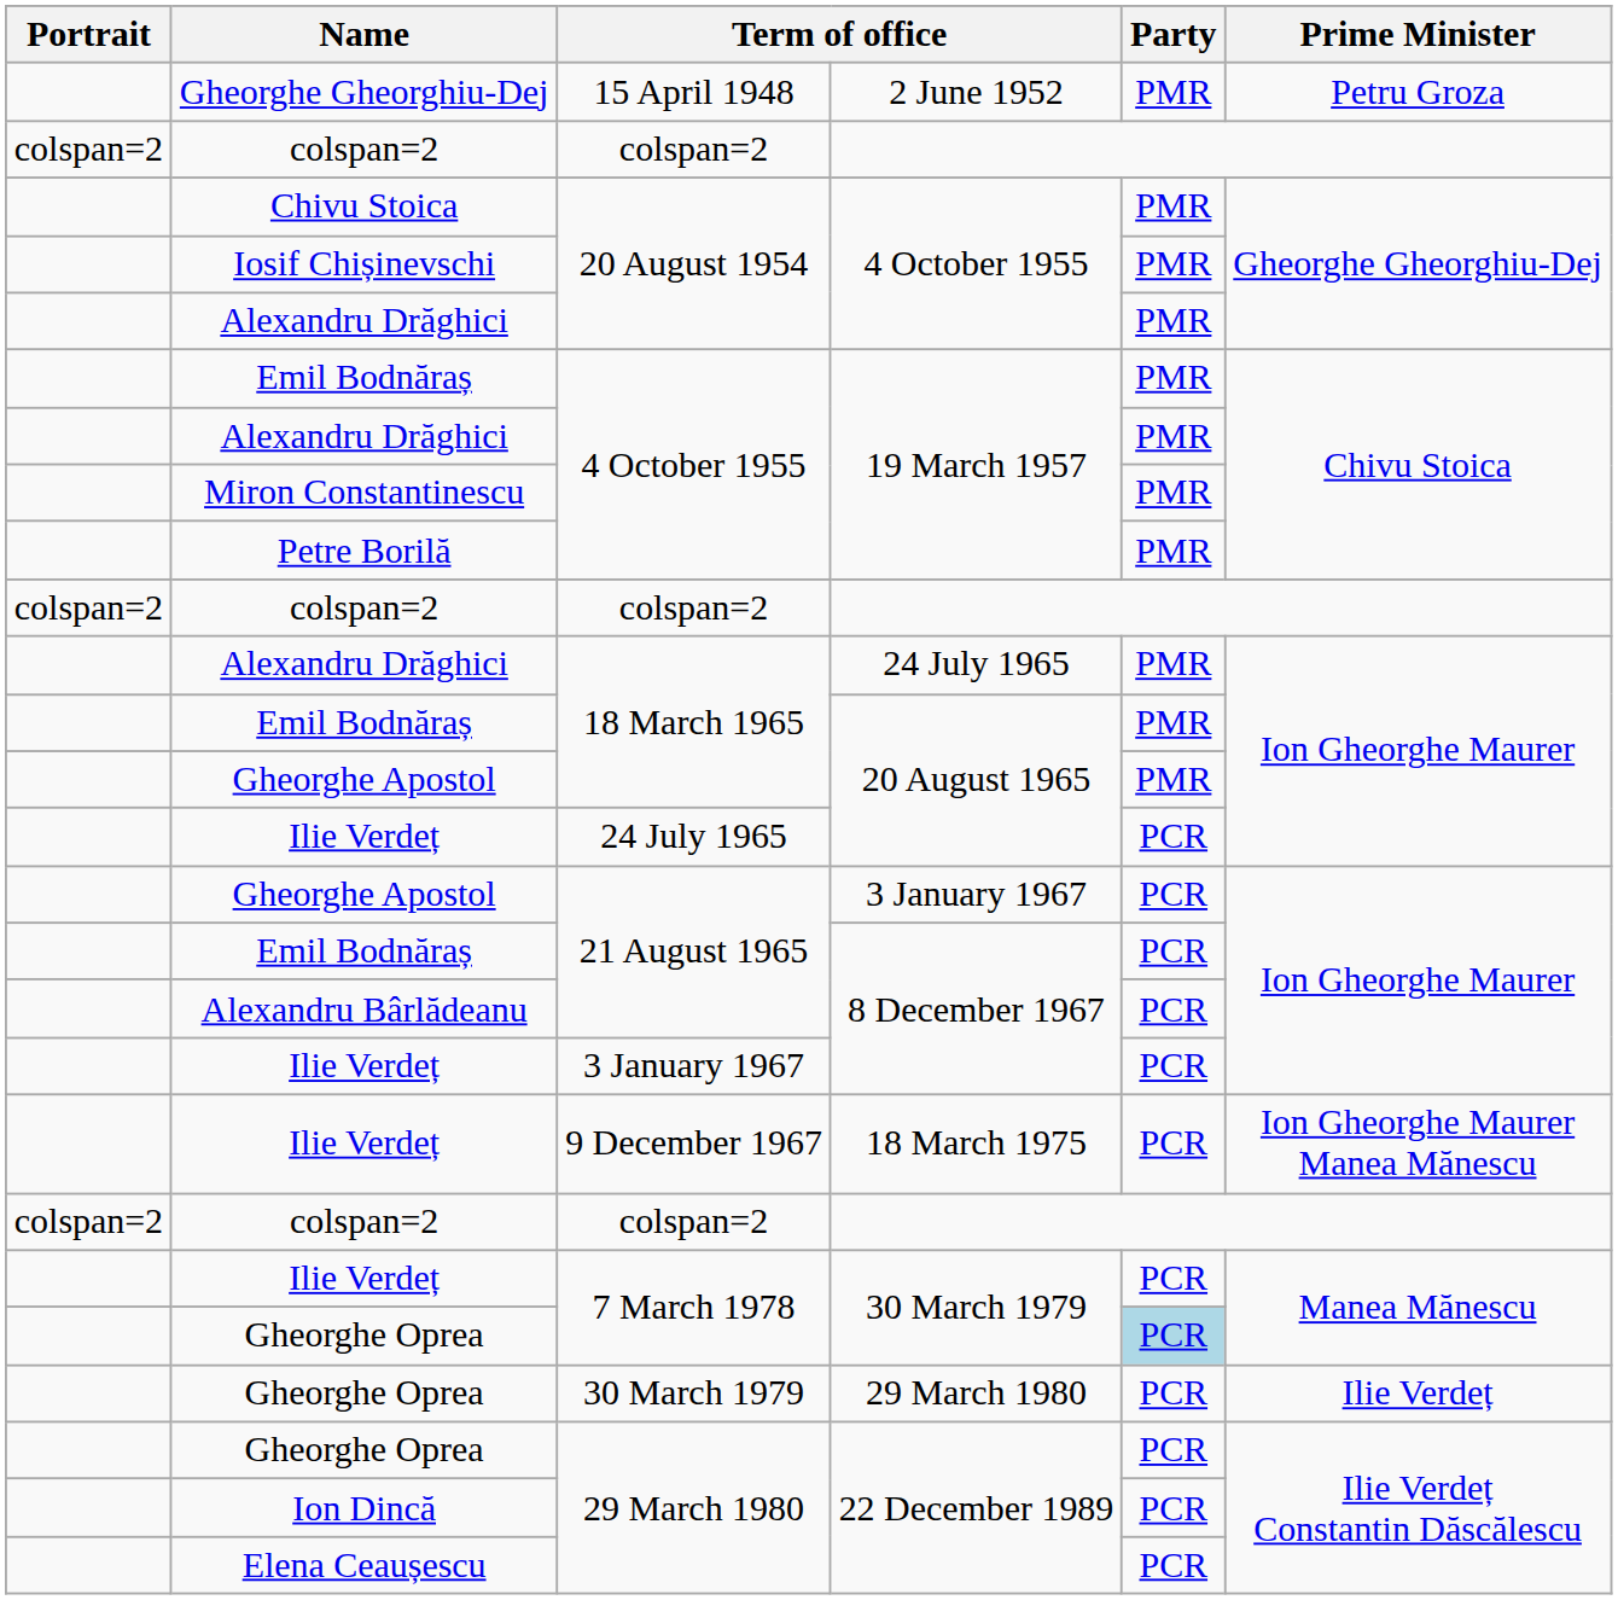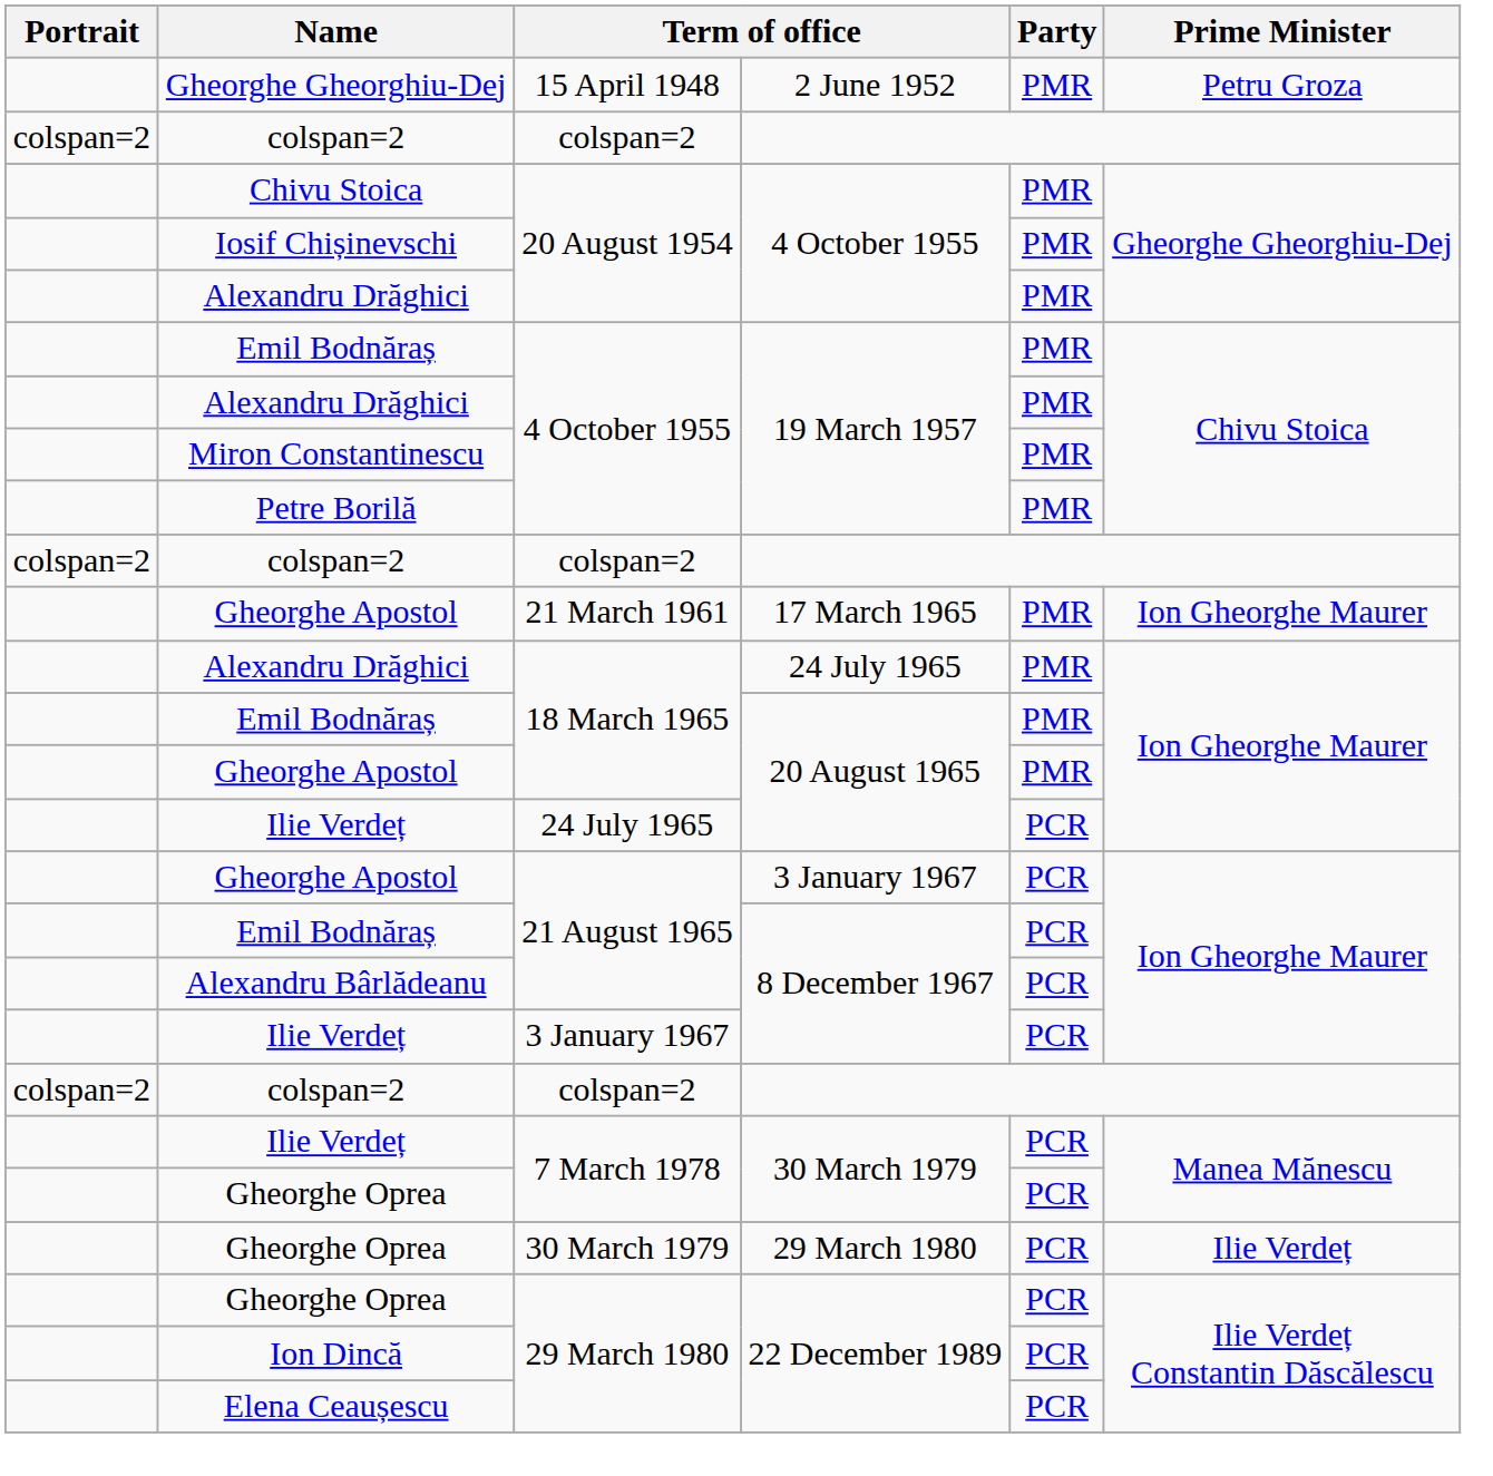 <table class="wikitable" style="text-align:center">
 <tr>
 <th colspan=1>Portrait</th>
 <th>Name</th>
 <th colspan=2>Term of office</th>
 <th>Party</th>
 <th colspan=1>Prime Minister</th>
 </tr>
 <tr>
 <td></td>
 <td><a href='#'>Gheorghe Gheorghiu-Dej</a></td>
 <td>15 April 1948</td>
 <td>2 June 1952</td>
 <td><a href='#'>PMR</a></td>
 <td><a href='#'>Petru Groza</a></td>
 </tr>
 <tr>
 <td>colspan=2 </td>
 <td>colspan=2 </td>
 <td>colspan=2 </td>
 </tr>
 <tr>
 <td></td>
 <td><a href='#'>Chivu Stoica</a></td>
 <td rowspan="3">20 August 1954</td>
 <td rowspan="3">4 October 1955</td>
 <td><a href='#'>PMR</a></td>
 <td rowspan="3"><a href='#'>Gheorghe Gheorghiu-Dej</a></td>
 </tr>
 <tr>
 <td></td>
 <td><a href='#'>Iosif Chișinevschi</a></td>
 <td><a href='#'>PMR</a></td>
 </tr>
 <tr>
 <td></td>
 <td><a href='#'>Alexandru Drăghici</a></td>
 <td><a href='#'>PMR</a></td>
 </tr>
 <tr>
 <td></td>
 <td><a href='#'>Emil Bodnăraș</a></td>
 <td rowspan="4">4 October 1955</td>
 <td rowspan="4">19 March 1957</td>
 <td><a href='#'>PMR</a></td>
 <td rowspan="4"><a href='#'>Chivu Stoica</a></td>
 </tr>
 <tr>
 <td></td>
 <td><a href='#'>Alexandru Drăghici</a></td>
 <td><a href='#'>PMR</a></td>
 </tr>
 <tr>
 <td></td>
 <td><a href='#'>Miron Constantinescu</a></td>
 <td><a href='#'>PMR</a></td>
 </tr>
 <tr>
 <td></td>
 <td><a href='#'>Petre Borilă</a></td>
 <td><a href='#'>PMR</a></td>
 </tr>
 <tr>
 <td>colspan=2 </td>
 <td>colspan=2 </td>
 <td>colspan=2 </td>
 </tr>
 <tr>
 <td></td>
+<td><a href='#'>Gheorghe Apostol</a></td>
+<td>21 March 1961</td>
+<td>17 March 1965</td>
+<td><a href='#'>PMR</a></td>
+<td><a href='#'>Ion Gheorghe Maurer</a></td>
+</tr>
+<tr>
+<td></td>
 <td><a href='#'>Alexandru Drăghici</a></td>
 <td rowspan="3">18 March 1965</td>
 <td>24 July 1965</td>
 <td><a href='#'>PMR</a></td>
 <td rowspan="4"><a href='#'>Ion Gheorghe Maurer</a></td>
 </tr>
 <tr>
 <td></td>
 <td><a href='#'>Emil Bodnăraș</a></td>
 <td rowspan="3">20 August 1965</td>
 <td><a href='#'>PMR</a></td>
 </tr>
 <tr>
 <td></td>
 <td><a href='#'>Gheorghe Apostol</a></td>
 <td><a href='#'>PMR</a></td>
 </tr>
 <tr>
 <td></td>
 <td><a href='#'>Ilie Verdeț</a></td>
 <td>24 July 1965</td>
 <td><a href='#'>PCR</a></td>
 </tr>
 <tr>
 <td></td>
 <td><a href='#'>Gheorghe Apostol</a></td>
 <td rowspan="3">21 August 1965</td>
 <td>3 January 1967</td>
 <td><a href='#'>PCR</a></td>
 <td rowspan="4"><a href='#'>Ion Gheorghe Maurer</a></td>
 </tr>
 <tr>
 <td></td>
 <td><a href='#'>Emil Bodnăraș</a></td>
 <td rowspan="3">8 December 1967</td>
 <td><a href='#'>PCR</a></td>
 </tr>
 <tr>
 <td></td>
 <td><a href='#'>Alexandru Bârlădeanu</a></td>
 <td><a href='#'>PCR</a></td>
 </tr>
 <tr>
 <td></td>
 <td><a href='#'>Ilie Verdeț</a></td>
 <td>3 January 1967</td>
 <td><a href='#'>PCR</a></td>
 </tr>
 <tr>
-<td></td>
-<td><a href='#'>Ilie Verdeț</a></td>
-<td>9 December 1967</td>
-<td>18 March 1975</td>
-<td><a href='#'>PCR</a></td>
-<td><a href='#'>Ion Gheorghe Maurer</a><br><a href='#'>Manea Mănescu</a></td>
-</tr>
-<tr>
 <td>colspan=2 </td>
 <td>colspan=2 </td>
 <td>colspan=2 </td>
 </tr>
 <tr>
 <td></td>
 <td><a href='#'>Ilie Verdeț</a></td>
 <td rowspan="2">7 March 1978</td>
 <td rowspan="2">30 March 1979</td>
 <td><a href='#'>PCR</a></td>
 <td rowspan="2"><a href='#'>Manea Mănescu</a></td>
 </tr>
 <tr>
 <td></td>
 <td>Gheorghe Oprea</td>
-<td style="background: lightblue;"><a href='#'>PCR</a></td>
+<td><a href='#'>PCR</a></td>
 </tr>
 <tr>
 <td></td>
 <td>Gheorghe Oprea</td>
 <td>30 March 1979</td>
 <td>29 March 1980</td>
 <td><a href='#'>PCR</a></td>
 <td><a href='#'>Ilie Verdeț</a></td>
 </tr>
 <tr>
 <td></td>
 <td>Gheorghe Oprea</td>
 <td rowspan="3">29 March 1980</td>
 <td rowspan="3">22 December 1989</td>
 <td><a href='#'>PCR</a></td>
 <td rowspan="3"><a href='#'>Ilie Verdeț</a><br><a href='#'>Constantin Dăscălescu</a></td>
 </tr>
 <tr>
 <td></td>
 <td><a href='#'>Ion Dincă</a></td>
 <td><a href='#'>PCR</a></td>
 </tr>
 <tr>
 <td></td>
 <td><a href='#'>Elena Ceaușescu</a></td>
 <td><a href='#'>PCR</a></td>
 </tr>
 </table>
